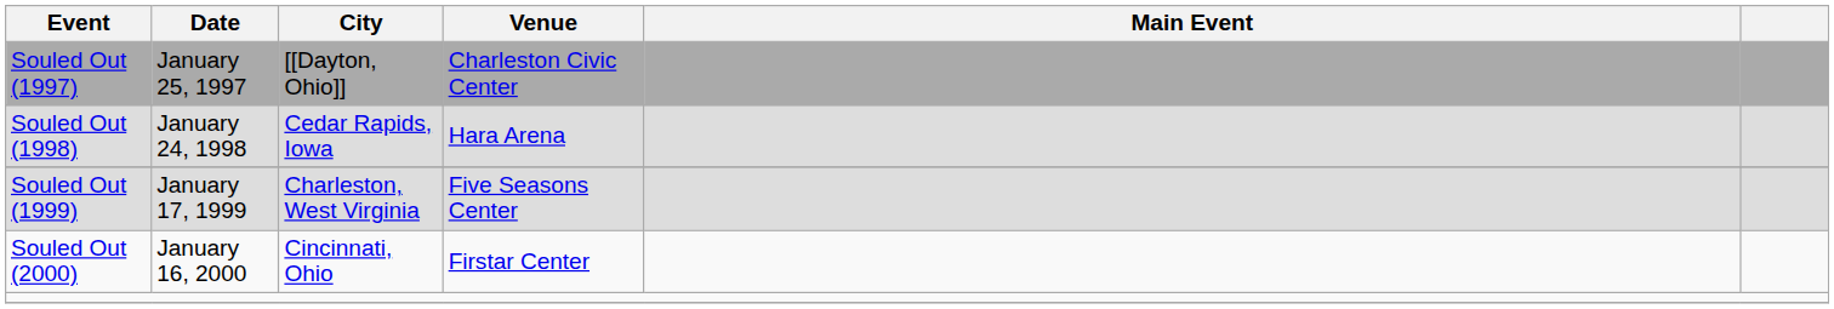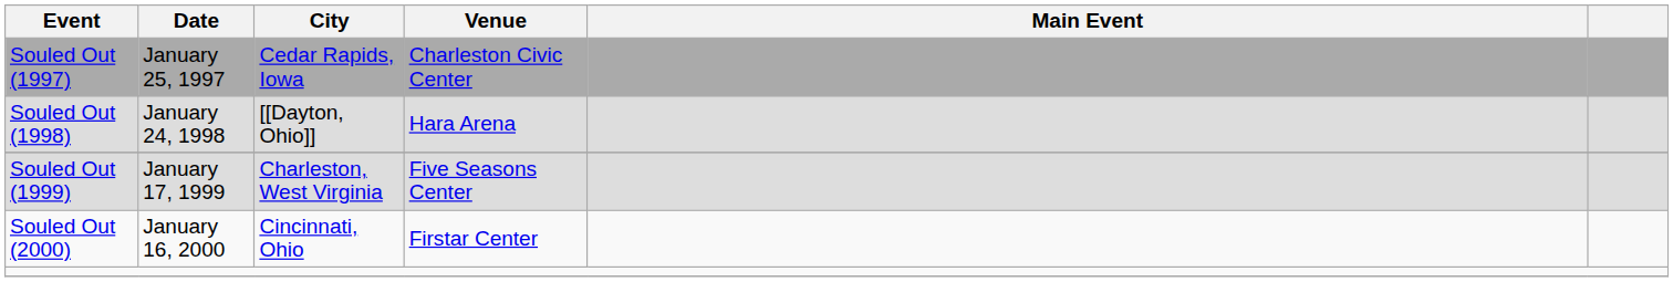 <table class="wikitable" align="center" width="100%">
 <tr>
 <th width="8%" scope="col">Event</th>
 <th width="7%" scope="col">Date</th>
 <th width="9%" scope="col">City</th>
 <th width="11%" scope="col">Venue</th>
 <th class="unsortable" scope="col">Main Event</th>
 <th class="unsortable" scope="col"></th>
 </tr>
 <tr style="background: #aaaaaa">
 <td><a href='#'>Souled Out (1997)</a></td>
 <td>January 25, 1997</td>
-<td>[[Dayton, Ohio]]</td>
+<td><a href='#'>Cedar Rapids, Iowa</a></td>
 <td><a href='#'>Charleston Civic Center</a></td>
 <td></td>
 <td></td>
 </tr>
 <tr>
 </tr>
 <tr style="background: #ddd">
 <td><a href='#'>Souled Out (1998)</a></td>
 <td>January 24, 1998</td>
-<td><a href='#'>Cedar Rapids, Iowa</a></td>
+<td>[[Dayton, Ohio]]</td>
 <td><a href='#'>Hara Arena</a></td>
 <td></td>
 <td></td>
 </tr>
 <tr>
 </tr>
 <tr style="background: #ddd">
 <td><a href='#'>Souled Out (1999)</a></td>
 <td>January 17, 1999</td>
 <td><a href='#'>Charleston, West Virginia</a></td>
 <td><a href='#'>Five Seasons Center</a></td>
 <td></td>
 <td></td>
 </tr>
 <tr>
 <td><a href='#'>Souled Out (2000)</a></td>
 <td>January 16, 2000</td>
 <td><a href='#'>Cincinnati, Ohio</a></td>
 <td><a href='#'>Firstar Center</a></td>
 <td></td>
 <td></td>
 </tr>
 <tr>
 <td colspan="6"></td>
 </tr>
 <tr>
 </tr>
 </table>
